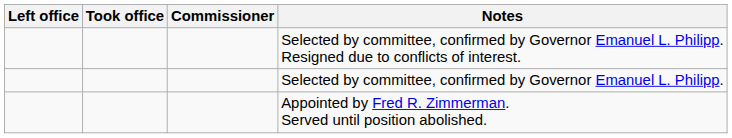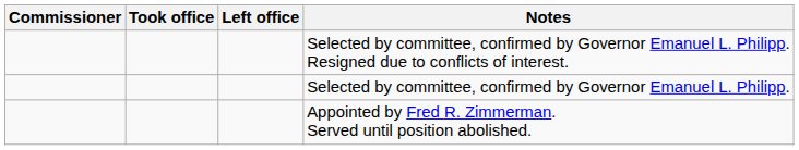 <table class="wikitable sortable" style="text-align:right;">
 <tr>
+<th>Commissioner</th>
+<th>Took office</th>
 <th>Left office</th>
-<th>Took office</th>
-<th>Commissioner</th>
 <th>Notes</th>
 </tr>
 <tr>
+<td align="left"></td>
 <td></td>
 <td></td>
-<td align="left"></td>
 <td align="left">Selected by committee, confirmed by Governor <a href='#'>Emanuel L. Philipp</a>.<br>Resigned due to conflicts of interest.</td>
 </tr>
 <tr>
+<td align="left"></td>
 <td></td>
 <td></td>
-<td align="left"></td>
 <td align="left">Selected by committee, confirmed by Governor <a href='#'>Emanuel L. Philipp</a>.</td>
 </tr>
 <tr>
+<td align="left"></td>
 <td></td>
 <td></td>
-<td align="left"></td>
 <td align="left">Appointed by <a href='#'>Fred R. Zimmerman</a>.<br>Served until position abolished.</td>
 </tr>
 </table>
